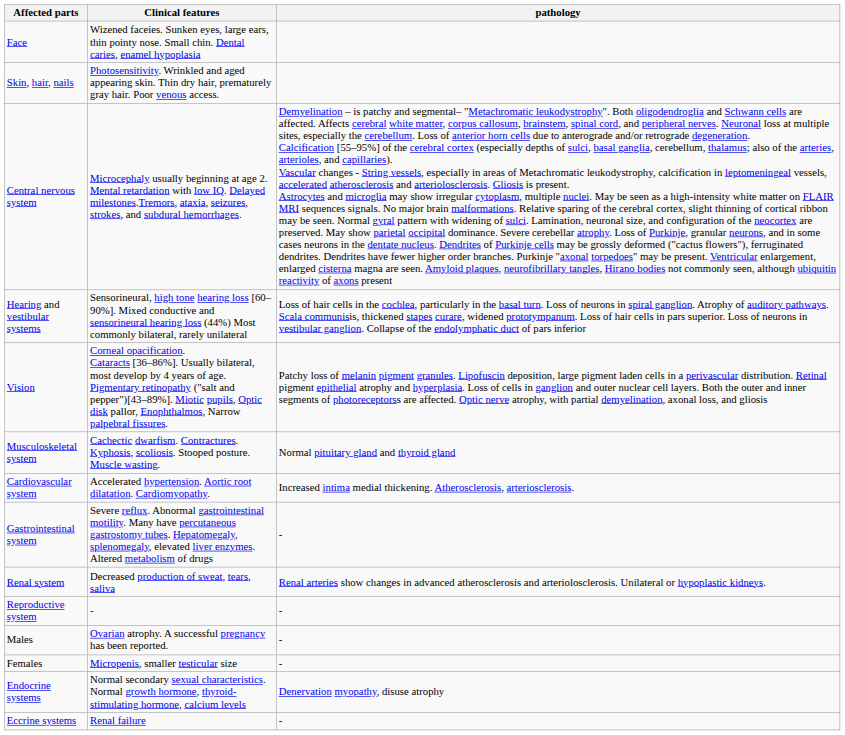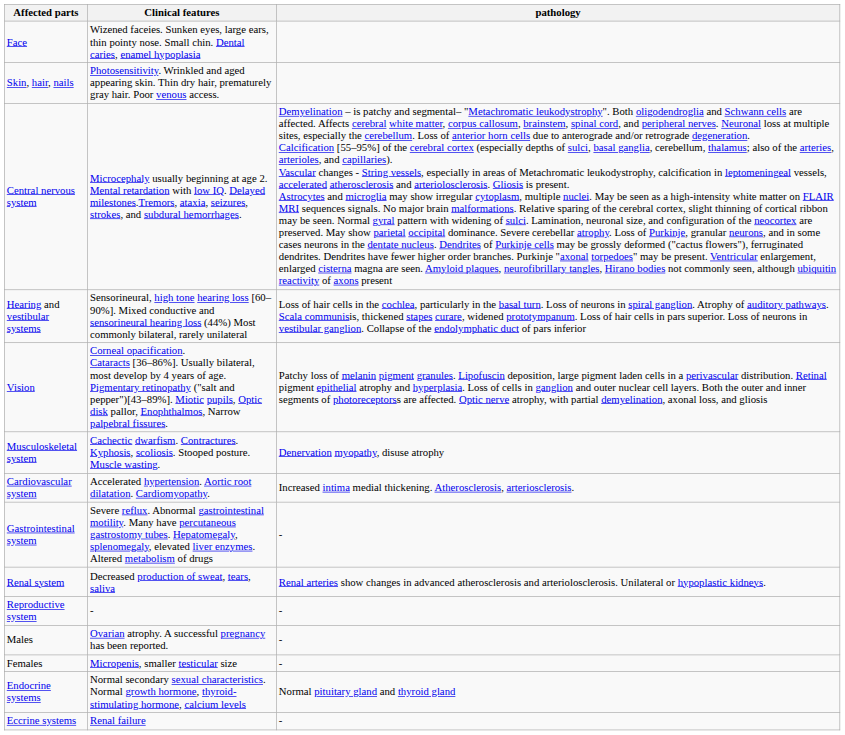 <table class="wikitable sortable">
 <tr>
 <th>Affected parts</th>
 <th>Clinical features</th>
 <th>pathology</th>
 </tr>
 <tr>
 <td><a href='#'>Face</a></td>
 <td>Wizened faceies. Sunken eyes, large ears, thin pointy nose. Small chin. <a href='#'>Dental caries</a>, <a href='#'>enamel hypoplasia</a></td>
 <td></td>
 </tr>
 <tr>
 <td><a href='#'>Skin</a>, <a href='#'>hair</a>, <a href='#'>nails</a></td>
 <td><a href='#'>Photosensitivity</a>. Wrinkled and aged appearing skin. Thin dry hair, prematurely gray hair. Poor <a href='#'>venous</a> access.</td>
 <td></td>
 </tr>
 <tr>
 <td><a href='#'>Central nervous system</a></td>
 <td><a href='#'>Microcephaly</a> usually beginning at age 2. <a href='#'>Mental retardation</a> with <a href='#'>low IQ</a>. <a href='#'>Delayed milestones</a>.<a href='#'>Tremors</a>, <a href='#'>ataxia</a>, <a href='#'>seizures</a>, <a href='#'>strokes</a>, and <a href='#'>subdural hemorrhages</a>.</td>
 <td><a href='#'>Demyelination</a> – is patchy and segmental– "<a href='#'>Metachromatic leukodystrophy</a>". Both <a href='#'>oligodendroglia</a> and <a href='#'>Schwann cells</a> are affected. Affects <a href='#'>cerebral</a> <a href='#'>white matter</a>, <a href='#'>corpus callosum</a>, <a href='#'>brainstem</a>, <a href='#'>spinal cord</a>, and <a href='#'>peripheral nerves</a>. <a href='#'>Neuronal</a> loss at multiple sites, especially the <a href='#'>cerebellum</a>. Loss of <a href='#'>anterior horn cells</a> due to anterograde and/or retrograde <a href='#'>degeneration</a>.<br><a href='#'>Calcification</a> [55–95%] of the <a href='#'>cerebral cortex</a> (especially depths of <a href='#'>sulci</a>, <a href='#'>basal ganglia</a>, cerebellum, <a href='#'>thalamus</a>; also of the <a href='#'>arteries</a>, <a href='#'>arterioles</a>, and <a href='#'>capillaries</a>).<br><a href='#'>Vascular</a> changes - <a href='#'>String vessels</a>, especially in areas of Metachromatic leukodystrophy, calcification in <a href='#'>leptomeningeal</a> vessels, <a href='#'>accelerated</a> <a href='#'>atherosclerosis</a> and <a href='#'>arteriolosclerosis</a>. <a href='#'>Gliosis</a> is present.<br><a href='#'>Astrocytes</a> and <a href='#'>microglia</a> may show irregular <a href='#'>cytoplasm</a>, multiple <a href='#'>nuclei</a>. May be seen as a high-intensity white matter on <a href='#'>FLAIR MRI</a> sequences signals. No major brain <a href='#'>malformations</a>. Relative sparing of the cerebral cortex, slight thinning of cortical ribbon may be seen. Normal <a href='#'>gyral</a> pattern with widening of <a href='#'>sulci</a>. Lamination, neuronal size, and configuration of the <a href='#'>neocortex</a> are preserved. May show <a href='#'>parietal</a> <a href='#'>occipital</a> dominance. Severe cerebellar <a href='#'>atrophy</a>. Loss of <a href='#'>Purkinje</a>, granular <a href='#'>neurons</a>, and in some cases neurons in the <a href='#'>dentate nucleus</a>. <a href='#'>Dendrites</a> of <a href='#'>Purkinje cells</a> may be grossly deformed ("cactus flowers"), ferruginated dendrites. Dendrites have fewer higher order branches. Purkinje "<a href='#'>axonal</a> <a href='#'>torpedoes</a>" may be present. <a href='#'>Ventricular</a> enlargement, enlarged <a href='#'>cisterna</a> magna are seen. <a href='#'>Amyloid plaques</a>, <a href='#'>neurofibrillary tangles</a>, <a href='#'>Hirano bodies</a> not commonly seen, although <a href='#'>ubiquitin</a> <a href='#'>reactivity</a> of <a href='#'>axons</a> present</td>
 </tr>
 <tr>
 <td><a href='#'>Hearing</a> and <a href='#'>vestibular systems</a></td>
 <td>Sensorineural, <a href='#'>high tone</a> <a href='#'>hearing loss</a> [60–90%]. Mixed conductive and <a href='#'>sensorineural hearing loss</a> (44%) Most commonly bilateral, rarely unilateral</td>
 <td>Loss of hair cells in the <a href='#'>cochlea</a>, particularly in the <a href='#'>basal turn</a>. Loss of neurons in <a href='#'>spiral ganglion</a>. Atrophy of <a href='#'>auditory pathways</a>. <a href='#'>Scala communis</a>is, thickened <a href='#'>stapes</a> <a href='#'>curare</a>, widened <a href='#'>prototympanum</a>. Loss of hair cells in pars superior. Loss of neurons in <a href='#'>vestibular ganglion</a>. Collapse of the <a href='#'>endolymphatic duct</a> of pars inferior</td>
 </tr>
 <tr>
 <td><a href='#'>Vision</a></td>
 <td><a href='#'>Corneal opacification</a>.<br><a href='#'>Cataracts</a> [36–86%]. Usually bilateral, most develop by 4 years of age. <a href='#'>Pigmentary retinopathy</a> ("salt and pepper")[43–89%]. <a href='#'>Miotic</a> <a href='#'>pupils</a>, <a href='#'>Optic disk</a> pallor, <a href='#'>Enophthalmos</a>, Narrow <a href='#'>palpebral fissures</a>.</td>
 <td>Patchy loss of <a href='#'>melanin</a> <a href='#'>pigment</a> <a href='#'>granules</a>. <a href='#'>Lipofuscin</a> deposition, large pigment laden cells in a <a href='#'>perivascular</a> distribution. <a href='#'>Retinal</a> pigment <a href='#'>epithelial</a> atrophy and <a href='#'>hyperplasia</a>. Loss of cells in <a href='#'>ganglion</a> and outer nuclear cell layers. Both the outer and inner segments of <a href='#'>photoreceptors</a>s are affected. <a href='#'>Optic nerve</a> atrophy, with partial <a href='#'>demyelination</a>, axonal loss, and gliosis</td>
 </tr>
 <tr>
 <td><a href='#'>Musculoskeletal system</a></td>
 <td><a href='#'>Cachectic</a> <a href='#'>dwarfism</a>. <a href='#'>Contractures</a>. <a href='#'>Kyphosis</a>, <a href='#'>scoliosis</a>. Stooped posture. <a href='#'>Muscle wasting</a>.</td>
-<td>Normal <a href='#'>pituitary gland</a> and <a href='#'>thyroid gland</a></td>
+<td><a href='#'>Denervation</a> <a href='#'>myopathy</a>, disuse atrophy</td>
 </tr>
 <tr>
 <td><a href='#'>Cardiovascular system</a></td>
 <td>Accelerated <a href='#'>hypertension</a>. <a href='#'>Aortic root dilatation</a>. <a href='#'>Cardiomyopathy</a>.</td>
 <td>Increased <a href='#'>intima</a> medial thickening. <a href='#'>Atherosclerosis</a>, <a href='#'>arteriosclerosis</a>.</td>
 </tr>
 <tr>
 <td><a href='#'>Gastrointestinal system</a></td>
 <td>Severe <a href='#'>reflux</a>. Abnormal <a href='#'>gastrointestinal motility</a>. Many have <a href='#'>percutaneous</a> <a href='#'>gastrostomy tubes</a>. <a href='#'>Hepatomegaly</a>, <a href='#'>splenomegaly</a>, elevated <a href='#'>liver enzymes</a>. Altered <a href='#'>metabolism</a> of drugs</td>
 <td>-</td>
 </tr>
 <tr>
 <td><a href='#'>Renal system</a></td>
 <td>Decreased <a href='#'>production of sweat</a>, <a href='#'>tears</a>, <a href='#'>saliva</a></td>
 <td><a href='#'>Renal arteries</a> show changes in advanced atherosclerosis and arteriolosclerosis. Unilateral or <a href='#'>hypoplastic kidneys</a>.</td>
 </tr>
 <tr>
 <td><a href='#'>Reproductive system</a></td>
 <td>-</td>
 <td>-</td>
 </tr>
 <tr>
 <td>Males</td>
 <td><a href='#'>Ovarian</a> atrophy. A successful <a href='#'>pregnancy</a> has been reported.</td>
 <td>-</td>
 </tr>
 <tr>
 <td>Females</td>
 <td><a href='#'>Micropenis</a>, smaller <a href='#'>testicular</a> size</td>
 <td>-</td>
 </tr>
 <tr>
 <td><a href='#'>Endocrine systems</a></td>
 <td>Normal secondary <a href='#'>sexual characteristics</a>. Normal <a href='#'>growth hormone</a>, <a href='#'>thyroid-stimulating hormone</a>, <a href='#'>calcium levels</a></td>
-<td><a href='#'>Denervation</a> <a href='#'>myopathy</a>, disuse atrophy</td>
+<td>Normal <a href='#'>pituitary gland</a> and <a href='#'>thyroid gland</a></td>
 </tr>
 <tr>
 <td><a href='#'>Eccrine systems</a></td>
 <td><a href='#'>Renal failure</a></td>
 <td>-</td>
 </tr>
 </table>
